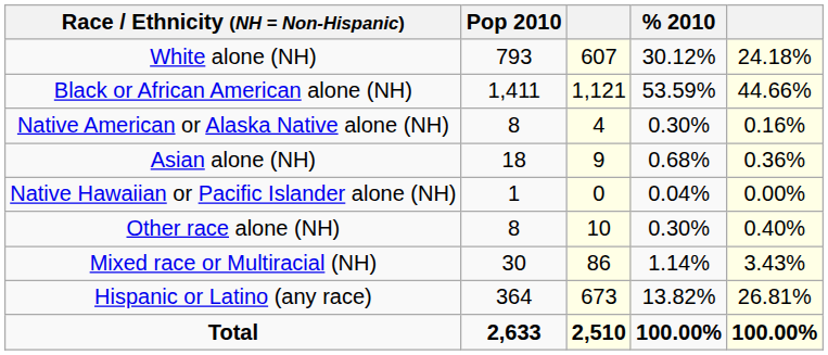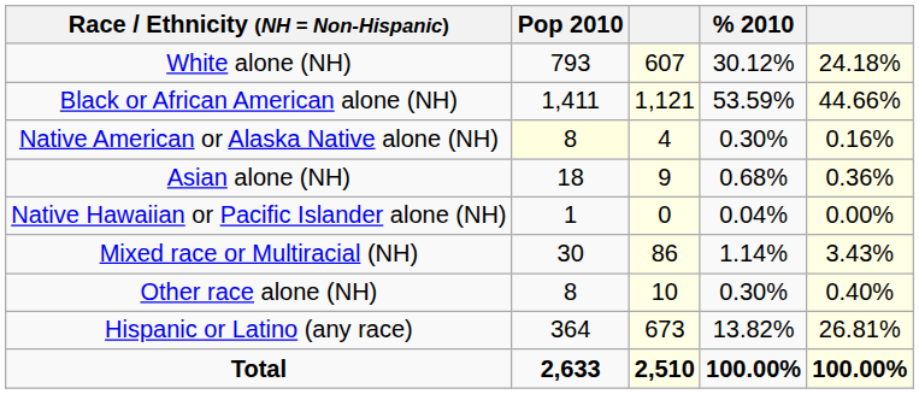 <table class="wikitable" style="text-align:center;">
 <tr>
 <th>Race / Ethnicity <small>(<em>NH = Non-Hispanic</em>)</small></th>
 <th>Pop 2010</th>
 <th></th>
 <th>% 2010</th>
 <th></th>
 </tr>
 <tr>
 <td><a href='#'>White</a> alone (NH)</td>
 <td>793</td>
 <td style='background: #ffffe6;'>607</td>
 <td>30.12%</td>
 <td style='background: #ffffe6;'>24.18%</td>
 </tr>
 <tr>
 <td><a href='#'>Black or African American</a> alone (NH)</td>
 <td>1,411</td>
 <td style='background: #ffffe6;'>1,121</td>
 <td>53.59%</td>
 <td style='background: #ffffe6;'>44.66%</td>
 </tr>
 <tr>
 <td><a href='#'>Native American</a> or <a href='#'>Alaska Native</a> alone (NH)</td>
-<td>8</td>
+<td style="background: lightyellow;">8</td>
 <td style='background: #ffffe6;'>4</td>
 <td>0.30%</td>
 <td style='background: #ffffe6;'>0.16%</td>
 </tr>
 <tr>
 <td><a href='#'>Asian</a> alone (NH)</td>
 <td>18</td>
 <td style='background: #ffffe6;'>9</td>
 <td>0.68%</td>
 <td style='background: #ffffe6;'>0.36%</td>
 </tr>
 <tr>
 <td><a href='#'>Native Hawaiian</a> or <a href='#'>Pacific Islander</a> alone (NH)</td>
 <td>1</td>
 <td style='background: #ffffe6;'>0</td>
 <td>0.04%</td>
 <td style='background: #ffffe6;'>0.00%</td>
 </tr>
 <tr>
+<td><a href='#'>Mixed race or Multiracial</a> (NH)</td>
+<td>30</td>
+<td style='background: #ffffe6;'>86</td>
+<td>1.14%</td>
+<td style='background: #ffffe6;'>3.43%</td>
+</tr>
+<tr>
 <td><a href='#'>Other race</a> alone (NH)</td>
 <td>8</td>
 <td style='background: #ffffe6;'>10</td>
 <td>0.30%</td>
 <td style='background: #ffffe6;'>0.40%</td>
-</tr>
-<tr>
-<td><a href='#'>Mixed race or Multiracial</a> (NH)</td>
-<td>30</td>
-<td style='background: #ffffe6;'>86</td>
-<td>1.14%</td>
-<td style='background: #ffffe6;'>3.43%</td>
 </tr>
 <tr>
 <td><a href='#'>Hispanic or Latino</a> (any race)</td>
 <td>364</td>
 <td style='background: #ffffe6;'>673</td>
 <td>13.82%</td>
 <td style='background: #ffffe6;'>26.81%</td>
 </tr>
 <tr>
 <td><strong>Total</strong></td>
 <td><strong>2,633</strong></td>
 <td style='background: #ffffe6;'><strong>2,510</strong></td>
 <td><strong>100.00%</strong></td>
 <td style='background: #ffffe6;'><strong>100.00%</strong></td>
 </tr>
 </table>
